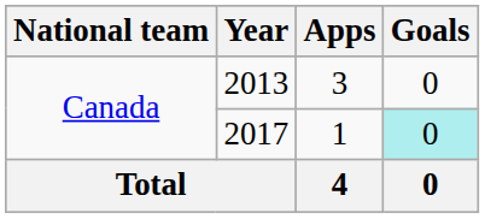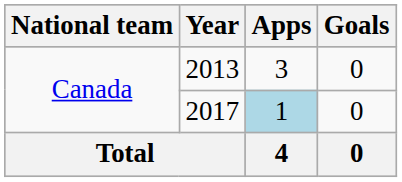 <table class="wikitable" style="text-align:center">
 <tr>
 <th>National team</th>
 <th>Year</th>
 <th>Apps</th>
 <th>Goals</th>
 </tr>
 <tr>
 <td rowspan=2><a href='#'>Canada</a></td>
 <td>2013</td>
 <td>3</td>
 <td>0</td>
 </tr>
 <tr>
 <td>2017</td>
-<td>1</td>
-<td style="background: paleturquoise;">0</td>
+<td style="background: lightblue;">1</td>
+<td>0</td>
 </tr>
 <tr>
 <th colspan=2>Total</th>
 <th>4</th>
 <th>0</th>
 </tr>
 </table>
